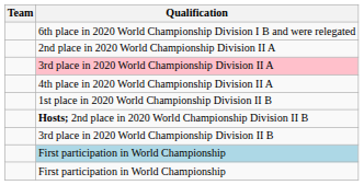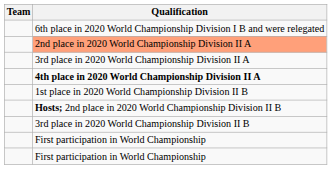 <table class="wikitable">
 <tr>
 <th>Team</th>
 <th>Qualification</th>
 </tr>
 <tr>
 <td></td>
 <td>6th place in 2020 World Championship Division I B and were relegated</td>
 </tr>
 <tr>
 <td></td>
-<td>2nd place in 2020 World Championship Division II A</td>
+<td style="background: lightsalmon;">2nd place in 2020 World Championship Division II A</td>
 </tr>
 <tr>
 <td></td>
-<td style="background: pink;">3rd place in 2020 World Championship Division II A</td>
+<td>3rd place in 2020 World Championship Division II A</td>
 </tr>
 <tr>
 <td></td>
-<td>4th place in 2020 World Championship Division II A</td>
+<td><strong>4th place in 2020 World Championship Division II A</strong></td>
 </tr>
 <tr>
 <td></td>
 <td>1st place in 2020 World Championship Division II B</td>
 </tr>
 <tr>
 <td></td>
 <td><strong>Hosts;</strong> 2nd place in 2020 World Championship Division II B</td>
 </tr>
 <tr>
 <td></td>
 <td>3rd place in 2020 World Championship Division II B</td>
 </tr>
 <tr>
 <td></td>
-<td style="background: lightblue;">First participation in World Championship</td>
+<td>First participation in World Championship</td>
 </tr>
 <tr>
 <td></td>
 <td>First participation in World Championship</td>
 </tr>
 </table>
